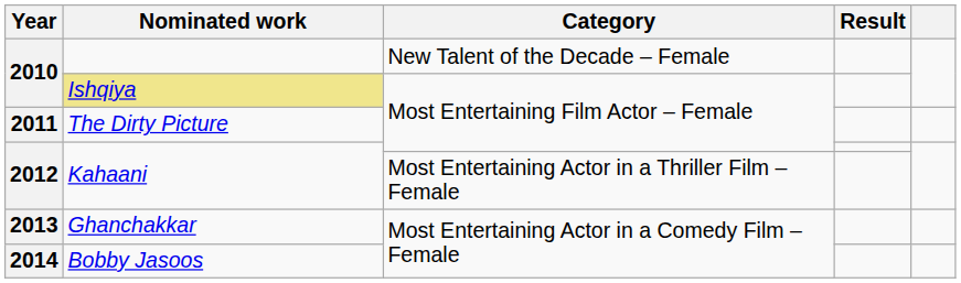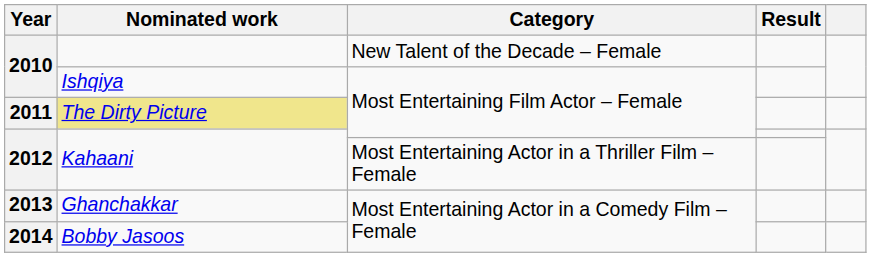 <table class="wikitable plainrowheaders" style="width:80%;">
 <tr>
 <th scope="col" style="width:4%;">Year</th>
 <th scope="col" style="width:35%;">Nominated work</th>
 <th scope="col" style="width:50%;">Category</th>
 <th scope="col" style="width:6%;">Result</th>
 <th scope="col" style="width:6%;"></th>
 </tr>
 <tr>
 <th scope="row" rowspan="2">2010</th>
 <td></td>
 <td>New Talent of the Decade – Female</td>
 <td></td>
 <td rowspan="2" style="text-align:center;"><br></td>
 </tr>
 <tr>
-<td style="background: khaki;"><em><a href='#'>Ishqiya</a></em></td>
+<td><em><a href='#'>Ishqiya</a></em></td>
 <td rowspan="3">Most Entertaining Film Actor – Female</td>
 <td></td>
 </tr>
 <tr>
 <th scope="row">2011</th>
-<td><em><a href='#'>The Dirty Picture</a></em></td>
+<td style="background: khaki;"><em><a href='#'>The Dirty Picture</a></em></td>
 <td></td>
 <td style="text-align:center;"></td>
 </tr>
 <tr>
 <th scope="row" rowspan="2">2012</th>
 <td rowspan="2"><em><a href='#'>Kahaani</a></em></td>
 <td></td>
 <td rowspan="2" style="text-align:center;"></td>
 </tr>
 <tr>
 <td>Most Entertaining Actor in a Thriller Film – Female</td>
 <td></td>
 </tr>
 <tr>
 <th scope="row">2013</th>
 <td><em><a href='#'>Ghanchakkar</a></em></td>
 <td rowspan="2">Most Entertaining Actor in a Comedy Film – Female</td>
 <td></td>
 <td style="text-align:center;"></td>
 </tr>
 <tr>
 <th scope="row">2014</th>
 <td><em><a href='#'>Bobby Jasoos</a></em></td>
 <td></td>
 <td style="text-align:center;"></td>
 </tr>
 </table>
